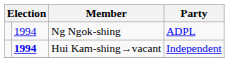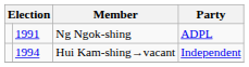 <table class="wikitable">
 <tr>
 <th colspan="2">Election</th>
 <th>Member</th>
 <th>Party</th>
 </tr>
 <tr>
 <td style="background-color:"></td>
-<td><a href='#'>1994</a></td>
+<td><a href='#'>1991</a></td>
 <td>Ng Ngok-shing</td>
 <td><a href='#'>ADPL</a></td>
 </tr>
 <tr>
 <td style="background-color:"></td>
-<td><strong><a href='#'>1994</a></strong></td>
+<td><a href='#'>1994</a></td>
 <td>Hui Kam-shing→vacant</td>
 <td><a href='#'>Independent</a></td>
 </tr>
 <tr>
 </tr>
 </table>
